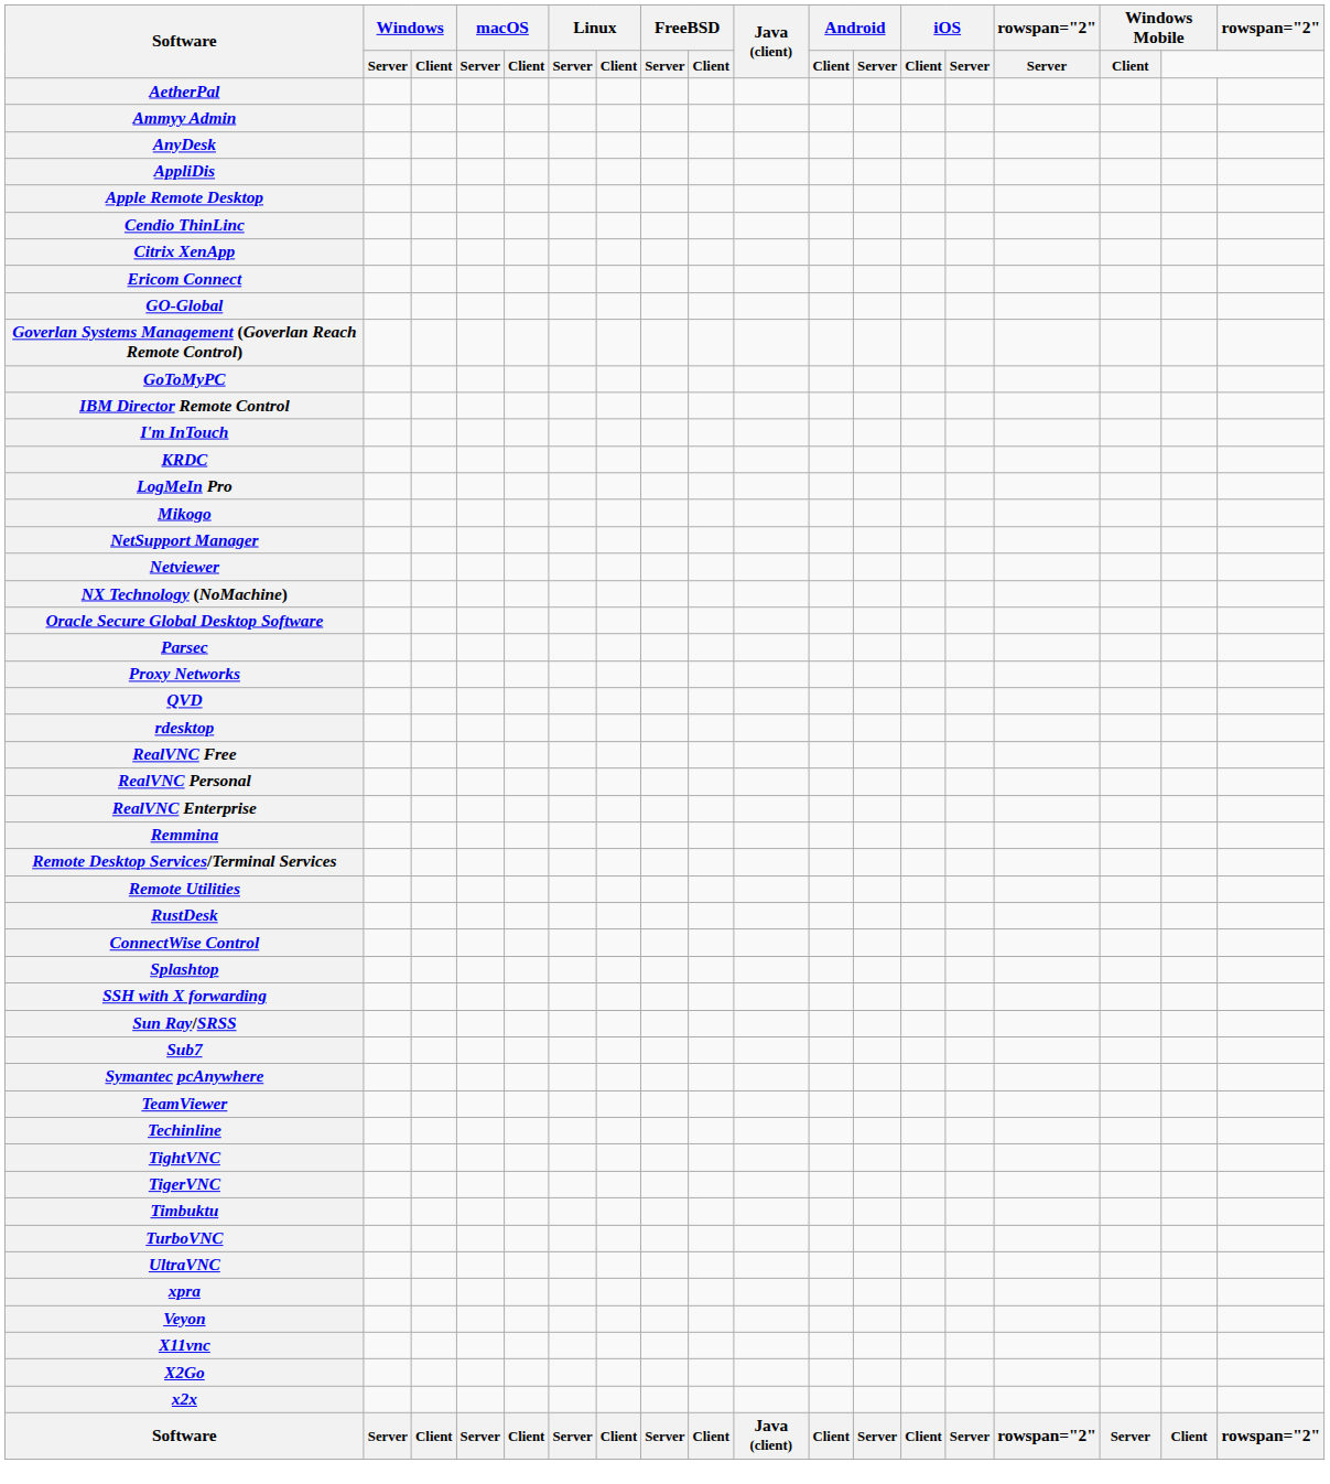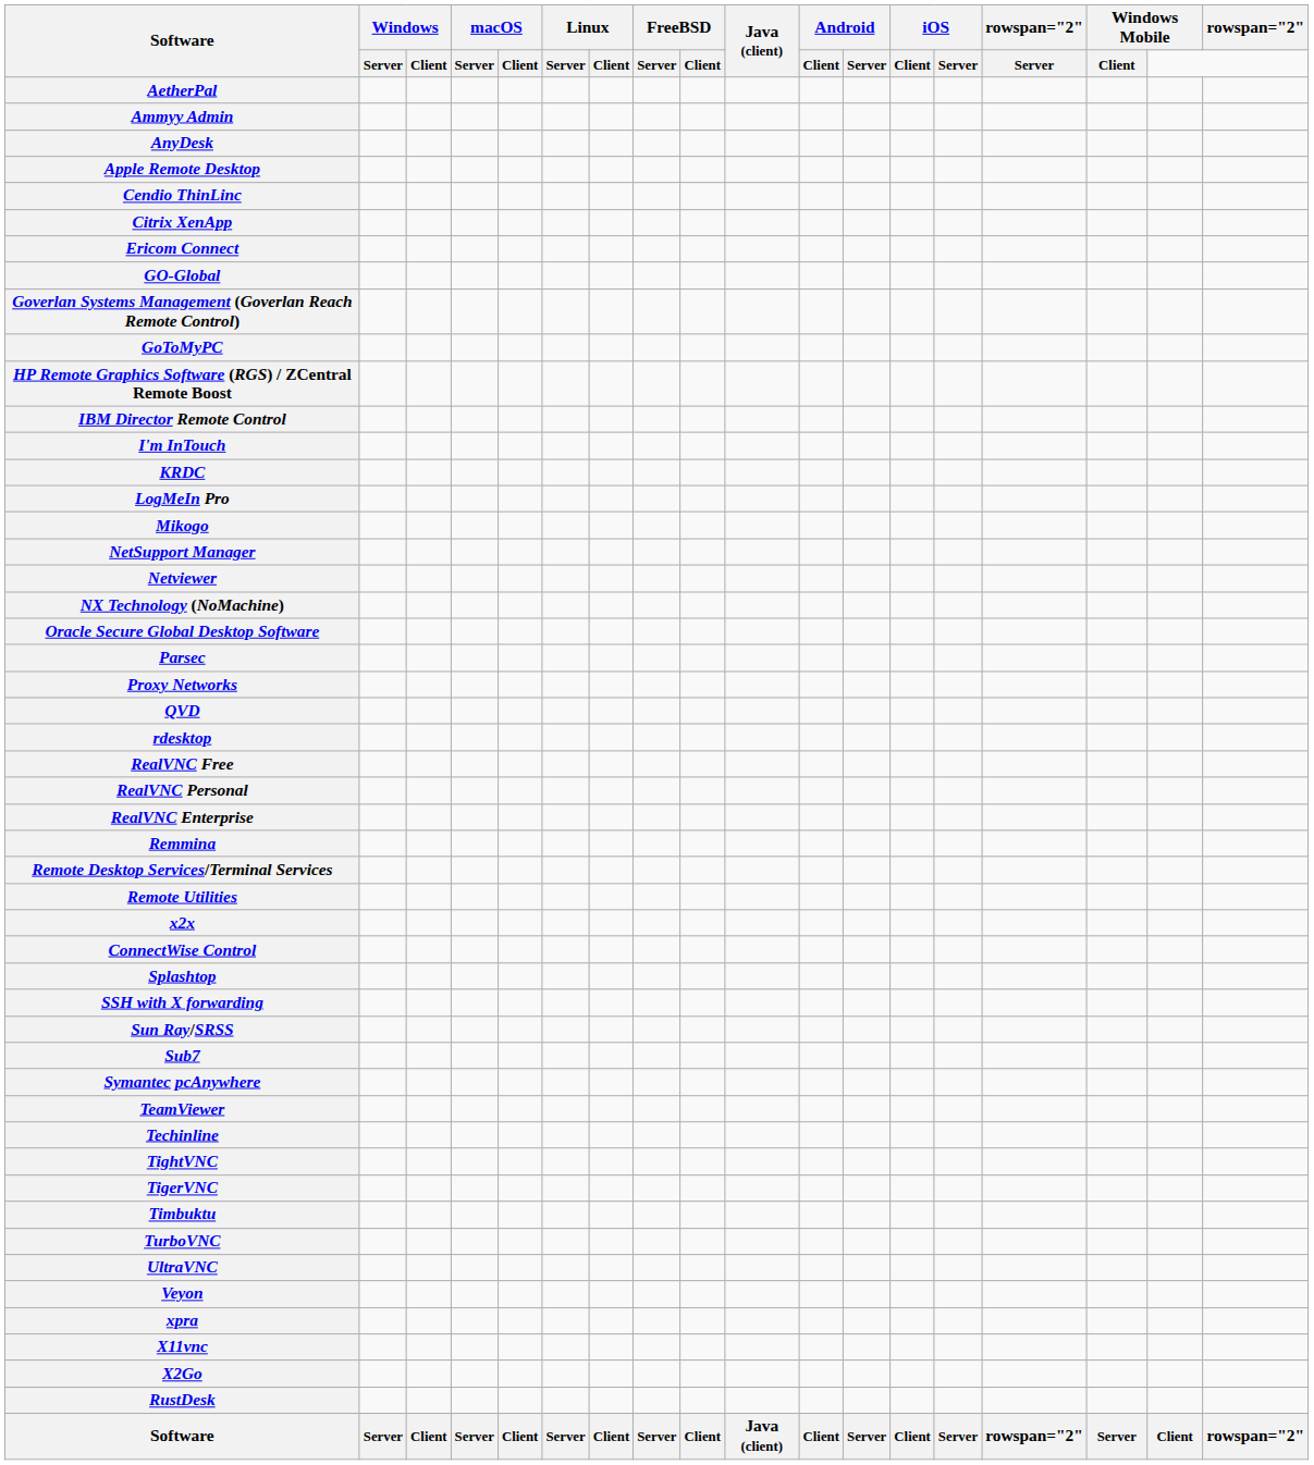 <table class="wikitable plainrowheaders sortable sort-under sticky-table-head sticky-table-col1" style="text-align: center;">
 <tr>
 <th rowspan="2">Software</th>
 <th colspan="2"><a href='#'>Windows</a></th>
 <th colspan="2"><a href='#'>macOS</a></th>
 <th colspan="2">Linux</th>
 <th colspan="2">FreeBSD</th>
 <th rowspan="2">Java <small>(client)</small></th>
 <th colspan="2"><a href='#'>Android</a></th>
 <th colspan="2"><a href='#'>iOS</a></th>
 <th>rowspan="2" </th>
 <th colspan="2">Windows Mobile</th>
 <th>rowspan="2" </th>
 </tr>
 <tr>
 <th><small>Server</small></th>
 <th><small>Client</small></th>
 <th><small>Server</small></th>
 <th><small>Client</small></th>
 <th><small>Server</small></th>
 <th><small>Client</small></th>
 <th><small>Server</small></th>
 <th><small>Client</small></th>
 <th><small>Client</small></th>
 <th><small>Server</small></th>
 <th><small>Client</small></th>
 <th><small>Server</small></th>
 <th><small>Server</small></th>
 <th><small>Client</small></th>
 </tr>
 <tr>
 <th scope="row"><em><a href='#'>AetherPal</a></em></th>
 <td></td>
 <td></td>
 <td></td>
 <td></td>
 <td></td>
 <td></td>
 <td></td>
 <td></td>
 <td></td>
 <td></td>
 <td></td>
 <td></td>
 <td></td>
 <td></td>
 <td></td>
 <td></td>
 <td></td>
 </tr>
 <tr>
 <th scope="row"><em><a href='#'>Ammyy Admin</a></em></th>
 <td></td>
 <td></td>
 <td></td>
 <td></td>
 <td></td>
 <td></td>
 <td></td>
 <td></td>
 <td></td>
 <td></td>
 <td></td>
 <td></td>
 <td></td>
 <td></td>
 <td></td>
 <td></td>
 <td></td>
 </tr>
 <tr>
 <th scope="row"><em><a href='#'>AnyDesk</a></em></th>
-<td></td>
-<td></td>
-<td></td>
-<td></td>
-<td></td>
-<td></td>
-<td></td>
-<td></td>
-<td></td>
-<td></td>
-<td></td>
-<td></td>
-<td></td>
-<td></td>
-<td></td>
-<td></td>
-<td></td>
-</tr>
-<tr>
-<th scope="row"><em><a href='#'>AppliDis</a></em></th>
 <td></td>
 <td></td>
 <td></td>
 <td></td>
 <td></td>
 <td></td>
 <td></td>
 <td></td>
 <td></td>
 <td></td>
 <td></td>
 <td></td>
 <td></td>
 <td></td>
 <td></td>
 <td></td>
 <td></td>
 </tr>
 <tr>
 <th scope="row"><em><a href='#'>Apple Remote Desktop</a></em></th>
 <td></td>
 <td></td>
 <td></td>
 <td></td>
 <td></td>
 <td></td>
 <td></td>
 <td></td>
 <td></td>
 <td></td>
 <td></td>
 <td></td>
 <td></td>
 <td></td>
 <td></td>
 <td></td>
 <td></td>
 </tr>
 <tr>
 <th scope="row"><em><a href='#'>Cendio ThinLinc</a></em></th>
 <td></td>
 <td></td>
 <td></td>
 <td></td>
 <td></td>
 <td></td>
 <td></td>
 <td></td>
 <td></td>
 <td></td>
 <td></td>
 <td></td>
 <td></td>
 <td></td>
 <td></td>
 <td></td>
 <td></td>
 </tr>
 <tr>
 <th scope="row"><em><a href='#'>Citrix XenApp</a></em></th>
 <td></td>
 <td></td>
 <td></td>
 <td></td>
 <td></td>
 <td></td>
 <td></td>
 <td></td>
 <td></td>
 <td></td>
 <td></td>
 <td></td>
 <td></td>
 <td></td>
 <td></td>
 <td></td>
 <td></td>
 </tr>
 <tr>
 <th scope="row"><em><a href='#'>Ericom Connect</a></em></th>
 <td></td>
 <td></td>
 <td></td>
 <td></td>
 <td></td>
 <td></td>
 <td></td>
 <td></td>
 <td></td>
 <td></td>
 <td></td>
 <td></td>
 <td></td>
 <td></td>
 <td></td>
 <td></td>
 <td></td>
 </tr>
 <tr>
 <th scope="row"><em><a href='#'>GO-Global</a></em></th>
 <td></td>
 <td></td>
 <td></td>
 <td></td>
 <td></td>
 <td></td>
 <td></td>
 <td></td>
 <td></td>
 <td></td>
 <td></td>
 <td></td>
 <td></td>
 <td></td>
 <td></td>
 <td></td>
 <td></td>
 </tr>
 <tr>
 <th scope="row"><em><a href='#'>Goverlan Systems Management</a></em> (<em>Goverlan Reach Remote Control</em>)</th>
 <td></td>
 <td></td>
 <td></td>
 <td></td>
 <td></td>
 <td></td>
 <td></td>
 <td></td>
 <td></td>
 <td></td>
 <td></td>
 <td></td>
 <td></td>
 <td></td>
 <td></td>
 <td></td>
 <td></td>
 </tr>
 <tr>
 <th scope="row"><em><a href='#'>GoToMyPC</a></em></th>
+<td></td>
+<td></td>
+<td></td>
+<td></td>
+<td></td>
+<td></td>
+<td></td>
+<td></td>
+<td></td>
+<td></td>
+<td></td>
+<td></td>
+<td></td>
+<td></td>
+<td></td>
+<td></td>
+<td></td>
+</tr>
+<tr>
+<th scope="row"><em><a href='#'>HP Remote Graphics Software</a></em> (<em>RGS</em>) / ZCentral Remote Boost</th>
 <td></td>
 <td></td>
 <td></td>
 <td></td>
 <td></td>
 <td></td>
 <td></td>
 <td></td>
 <td></td>
 <td></td>
 <td></td>
 <td></td>
 <td></td>
 <td></td>
 <td></td>
 <td></td>
 <td></td>
 </tr>
 <tr>
 <th scope="row"><em><a href='#'>IBM Director</a> Remote Control</em></th>
 <td></td>
 <td></td>
 <td></td>
 <td></td>
 <td></td>
 <td></td>
 <td></td>
 <td></td>
 <td></td>
 <td></td>
 <td></td>
 <td></td>
 <td></td>
 <td></td>
 <td></td>
 <td></td>
 <td></td>
 </tr>
 <tr>
 <th scope="row"><em><a href='#'>I'm InTouch</a></em></th>
 <td></td>
 <td></td>
 <td></td>
 <td></td>
 <td></td>
 <td></td>
 <td></td>
 <td></td>
 <td></td>
 <td></td>
 <td></td>
 <td></td>
 <td></td>
 <td></td>
 <td></td>
 <td></td>
 <td></td>
 </tr>
 <tr>
 <th scope="row"><em><a href='#'>KRDC</a></em></th>
 <td></td>
 <td></td>
 <td></td>
 <td></td>
 <td></td>
 <td></td>
 <td></td>
 <td></td>
 <td></td>
 <td></td>
 <td></td>
 <td></td>
 <td></td>
 <td></td>
 <td></td>
 <td></td>
 <td></td>
 </tr>
 <tr>
 <th scope="row"><em><a href='#'>LogMeIn</a> Pro</em></th>
 <td></td>
 <td></td>
 <td></td>
 <td></td>
 <td></td>
 <td></td>
 <td></td>
 <td></td>
 <td></td>
 <td></td>
 <td></td>
 <td></td>
 <td></td>
 <td></td>
 <td></td>
 <td></td>
 <td></td>
 </tr>
 <tr>
 <th scope="row"><em><a href='#'>Mikogo</a></em></th>
 <td></td>
 <td></td>
 <td></td>
 <td></td>
 <td></td>
 <td></td>
 <td></td>
 <td></td>
 <td></td>
 <td></td>
 <td></td>
 <td></td>
 <td></td>
 <td></td>
 <td></td>
 <td></td>
 <td></td>
 </tr>
 <tr>
 <th scope="row"><em><a href='#'>NetSupport Manager</a></em></th>
 <td></td>
 <td></td>
 <td></td>
 <td></td>
 <td></td>
 <td></td>
 <td></td>
 <td></td>
 <td></td>
 <td></td>
 <td></td>
 <td></td>
 <td></td>
 <td></td>
 <td></td>
 <td></td>
 <td></td>
 </tr>
 <tr>
 <th scope="row"><em><a href='#'>Netviewer</a></em></th>
 <td></td>
 <td></td>
 <td></td>
 <td></td>
 <td></td>
 <td></td>
 <td></td>
 <td></td>
 <td></td>
 <td></td>
 <td></td>
 <td></td>
 <td></td>
 <td></td>
 <td></td>
 <td></td>
 <td></td>
 </tr>
 <tr>
 <th scope="row"><em><a href='#'>NX Technology</a></em> (<em>NoMachine</em>)</th>
 <td></td>
 <td></td>
 <td></td>
 <td></td>
 <td></td>
 <td></td>
 <td></td>
 <td></td>
 <td></td>
 <td></td>
 <td></td>
 <td></td>
 <td></td>
 <td></td>
 <td></td>
 <td></td>
 <td></td>
 </tr>
 <tr>
 <th scope="row"><em><a href='#'>Oracle Secure Global Desktop Software</a></em></th>
 <td></td>
 <td></td>
 <td></td>
 <td></td>
 <td></td>
 <td></td>
 <td></td>
 <td></td>
 <td></td>
 <td></td>
 <td></td>
 <td></td>
 <td></td>
 <td></td>
 <td></td>
 <td></td>
 <td></td>
 </tr>
 <tr>
 <th scope="row"><em><a href='#'>Parsec</a></em></th>
 <td></td>
 <td></td>
 <td></td>
 <td></td>
 <td></td>
 <td></td>
 <td></td>
 <td></td>
 <td></td>
 <td></td>
 <td></td>
 <td></td>
 <td></td>
 <td></td>
 <td></td>
 <td></td>
 <td></td>
 </tr>
 <tr>
 <th scope="row"><em><a href='#'>Proxy Networks</a></em></th>
 <td></td>
 <td></td>
 <td></td>
 <td></td>
 <td></td>
 <td></td>
 <td></td>
 <td></td>
 <td></td>
 <td></td>
 <td></td>
 <td></td>
 <td></td>
 <td></td>
 <td></td>
 <td></td>
 <td></td>
 </tr>
 <tr>
 <th scope="row"><em><a href='#'>QVD</a></em></th>
 <td></td>
 <td></td>
 <td></td>
 <td></td>
 <td></td>
 <td></td>
 <td></td>
 <td></td>
 <td></td>
 <td></td>
 <td></td>
 <td></td>
 <td></td>
 <td></td>
 <td></td>
 <td></td>
 <td></td>
 </tr>
 <tr>
 <th scope="row"><em><a href='#'>rdesktop</a></em></th>
 <td></td>
 <td></td>
 <td></td>
 <td></td>
 <td></td>
 <td></td>
 <td></td>
 <td></td>
 <td></td>
 <td></td>
 <td></td>
 <td></td>
 <td></td>
 <td></td>
 <td></td>
 <td></td>
 <td></td>
 </tr>
 <tr>
 <th scope="row"><em><a href='#'>RealVNC</a> Free</em></th>
 <td></td>
 <td></td>
 <td></td>
 <td></td>
 <td></td>
 <td></td>
 <td></td>
 <td></td>
 <td></td>
 <td></td>
 <td></td>
 <td></td>
 <td></td>
 <td></td>
 <td></td>
 <td></td>
 <td></td>
 </tr>
 <tr>
 <th scope="row"><em><a href='#'>RealVNC</a> Personal</em></th>
 <td></td>
 <td></td>
 <td></td>
 <td></td>
 <td></td>
 <td></td>
 <td></td>
 <td></td>
 <td></td>
 <td></td>
 <td></td>
 <td></td>
 <td></td>
 <td></td>
 <td></td>
 <td></td>
 <td></td>
 </tr>
 <tr>
 <th scope="row"><em><a href='#'>RealVNC</a> Enterprise</em></th>
 <td></td>
 <td></td>
 <td></td>
 <td></td>
 <td></td>
 <td></td>
 <td></td>
 <td></td>
 <td></td>
 <td></td>
 <td></td>
 <td></td>
 <td></td>
 <td></td>
 <td></td>
 <td></td>
 <td></td>
 </tr>
 <tr>
 <th scope="row"><em><a href='#'>Remmina</a></em></th>
 <td></td>
 <td></td>
 <td></td>
 <td></td>
 <td></td>
 <td></td>
 <td></td>
 <td></td>
 <td></td>
 <td></td>
 <td></td>
 <td></td>
 <td></td>
 <td></td>
 <td></td>
 <td></td>
 <td></td>
 </tr>
 <tr>
 <th scope="row"><em><a href='#'>Remote Desktop Services</a></em>/<em>Terminal Services</em></th>
 <td></td>
 <td></td>
 <td></td>
 <td></td>
 <td></td>
 <td></td>
 <td></td>
 <td></td>
 <td></td>
 <td></td>
 <td></td>
 <td></td>
 <td></td>
 <td></td>
 <td></td>
 <td></td>
 <td></td>
 </tr>
 <tr>
 <th scope="row"><em><a href='#'>Remote Utilities</a></em></th>
 <td></td>
 <td></td>
 <td></td>
 <td></td>
 <td></td>
 <td></td>
 <td></td>
 <td></td>
 <td></td>
 <td></td>
 <td></td>
 <td></td>
 <td></td>
 <td></td>
 <td></td>
 <td></td>
 <td></td>
 </tr>
 <tr>
-<th scope="row"><em><a href='#'>RustDesk</a></em></th>
+<th scope="row"><em><a href='#'>x2x</a></em></th>
 <td></td>
 <td></td>
 <td></td>
 <td></td>
 <td></td>
 <td></td>
 <td></td>
 <td></td>
 <td></td>
 <td></td>
 <td></td>
 <td></td>
 <td></td>
 <td></td>
 <td></td>
 <td></td>
 <td></td>
 </tr>
 <tr>
 <th scope="row"><em><a href='#'>ConnectWise Control</a></em></th>
 <td></td>
 <td></td>
 <td></td>
 <td></td>
 <td></td>
 <td></td>
 <td></td>
 <td></td>
 <td></td>
 <td></td>
 <td></td>
 <td></td>
 <td></td>
 <td></td>
 <td></td>
 <td></td>
 <td></td>
 </tr>
 <tr>
 <th scope="row"><em><a href='#'>Splashtop</a></em></th>
 <td></td>
 <td></td>
 <td></td>
 <td></td>
 <td></td>
 <td></td>
 <td></td>
 <td></td>
 <td></td>
 <td></td>
 <td></td>
 <td></td>
 <td></td>
 <td></td>
 <td></td>
 <td></td>
 <td></td>
 </tr>
 <tr>
 <th scope="row"><em><a href='#'>SSH with X forwarding</a></em></th>
 <td></td>
 <td></td>
 <td></td>
 <td></td>
 <td></td>
 <td></td>
 <td></td>
 <td></td>
 <td></td>
 <td></td>
 <td></td>
 <td></td>
 <td></td>
 <td></td>
 <td></td>
 <td></td>
 <td></td>
 </tr>
 <tr>
 <th scope="row"><em><a href='#'>Sun Ray</a></em>/<em><a href='#'>SRSS</a></em></th>
 <td></td>
 <td></td>
 <td></td>
 <td></td>
 <td></td>
 <td></td>
 <td></td>
 <td></td>
 <td></td>
 <td></td>
 <td></td>
 <td></td>
 <td></td>
 <td></td>
 <td></td>
 <td></td>
 <td></td>
 </tr>
 <tr>
 <th scope="row"><em><a href='#'>Sub7</a></em></th>
 <td></td>
 <td></td>
 <td></td>
 <td></td>
 <td></td>
 <td></td>
 <td></td>
 <td></td>
 <td></td>
 <td></td>
 <td></td>
 <td></td>
 <td></td>
 <td></td>
 <td></td>
 <td></td>
 <td></td>
 </tr>
 <tr>
 <th scope="row"><em><a href='#'>Symantec</a> <a href='#'>pcAnywhere</a></em></th>
 <td></td>
 <td></td>
 <td></td>
 <td></td>
 <td></td>
 <td></td>
 <td></td>
 <td></td>
 <td></td>
 <td></td>
 <td></td>
 <td></td>
 <td></td>
 <td></td>
 <td></td>
 <td></td>
 <td></td>
 </tr>
 <tr>
 <th scope="row"><em><a href='#'>TeamViewer</a></em></th>
 <td></td>
 <td></td>
 <td></td>
 <td></td>
 <td></td>
 <td></td>
 <td></td>
 <td></td>
 <td></td>
 <td></td>
 <td></td>
 <td></td>
 <td></td>
 <td></td>
 <td></td>
 <td></td>
 <td></td>
 </tr>
 <tr>
 <th scope="row"><em><a href='#'>Techinline</a></em></th>
 <td></td>
 <td></td>
 <td></td>
 <td></td>
 <td></td>
 <td></td>
 <td></td>
 <td></td>
 <td></td>
 <td></td>
 <td></td>
 <td></td>
 <td></td>
 <td></td>
 <td></td>
 <td></td>
 <td></td>
 </tr>
 <tr>
 <th scope="row"><em><a href='#'>TightVNC</a></em></th>
 <td></td>
 <td></td>
 <td></td>
 <td></td>
 <td></td>
 <td></td>
 <td></td>
 <td></td>
 <td></td>
 <td></td>
 <td></td>
 <td></td>
 <td></td>
 <td></td>
 <td></td>
 <td></td>
 <td></td>
 </tr>
 <tr>
 <th scope="row"><em><a href='#'>TigerVNC</a></em></th>
 <td></td>
 <td></td>
 <td></td>
 <td></td>
 <td></td>
 <td></td>
 <td></td>
 <td></td>
 <td></td>
 <td></td>
 <td></td>
 <td></td>
 <td></td>
 <td></td>
 <td></td>
 <td></td>
 <td></td>
 </tr>
 <tr>
 <th scope="row"><em><a href='#'>Timbuktu</a></em></th>
 <td></td>
 <td></td>
 <td></td>
 <td></td>
 <td></td>
 <td></td>
 <td></td>
 <td></td>
 <td></td>
 <td></td>
 <td></td>
 <td></td>
 <td></td>
 <td></td>
 <td></td>
 <td></td>
 <td></td>
 </tr>
 <tr>
 <th scope="row"><em><a href='#'>TurboVNC</a></em></th>
 <td></td>
 <td></td>
 <td></td>
 <td></td>
 <td></td>
 <td></td>
 <td></td>
 <td></td>
 <td></td>
 <td></td>
 <td></td>
 <td></td>
 <td></td>
 <td></td>
 <td></td>
 <td></td>
 <td></td>
 </tr>
 <tr>
 <th scope="row"><em><a href='#'>UltraVNC</a></em></th>
 <td></td>
 <td></td>
 <td></td>
 <td></td>
 <td></td>
 <td></td>
 <td></td>
 <td></td>
 <td></td>
 <td></td>
 <td></td>
 <td></td>
 <td></td>
 <td></td>
 <td></td>
 <td></td>
 <td></td>
 </tr>
 <tr>
-<th scope="row"><em><a href='#'>xpra</a></em></th>
+<th scope="row"><em><a href='#'>Veyon</a></em></th>
 <td></td>
 <td></td>
 <td></td>
 <td></td>
 <td></td>
 <td></td>
 <td></td>
 <td></td>
 <td></td>
 <td></td>
 <td></td>
 <td></td>
 <td></td>
 <td></td>
 <td></td>
 <td></td>
 <td></td>
 </tr>
 <tr>
-<th scope="row"><em><a href='#'>Veyon</a></em></th>
+<th scope="row"><em><a href='#'>xpra</a></em></th>
 <td></td>
 <td></td>
 <td></td>
 <td></td>
 <td></td>
 <td></td>
 <td></td>
 <td></td>
 <td></td>
 <td></td>
 <td></td>
 <td></td>
 <td></td>
 <td></td>
 <td></td>
 <td></td>
 <td></td>
 </tr>
 <tr>
 <th scope="row"><em><a href='#'>X11vnc</a></em></th>
 <td></td>
 <td></td>
 <td></td>
 <td></td>
 <td></td>
 <td></td>
 <td></td>
 <td></td>
 <td></td>
 <td></td>
 <td></td>
 <td></td>
 <td></td>
 <td></td>
 <td></td>
 <td></td>
 <td></td>
 </tr>
 <tr>
 <th scope="row"><em><a href='#'>X2Go</a></em></th>
 <td></td>
 <td></td>
 <td></td>
 <td></td>
 <td></td>
 <td></td>
 <td></td>
 <td></td>
 <td></td>
 <td></td>
 <td></td>
 <td></td>
 <td></td>
 <td></td>
 <td></td>
 <td></td>
 <td></td>
 </tr>
 <tr>
-<th scope="row"><em><a href='#'>x2x</a></em></th>
+<th scope="row"><em><a href='#'>RustDesk</a></em></th>
 <td></td>
 <td></td>
 <td></td>
 <td></td>
 <td></td>
 <td></td>
 <td></td>
 <td></td>
 <td></td>
 <td></td>
 <td></td>
 <td></td>
 <td></td>
 <td></td>
 <td></td>
 <td></td>
 <td></td>
 </tr>
 <tr class="sortbottom">
 <th rowspan="2">Software</th>
 <th><small>Server</small></th>
 <th><small>Client</small></th>
 <th><small>Server</small></th>
 <th><small>Client</small></th>
 <th><small>Server</small></th>
 <th><small>Client</small></th>
 <th><small>Server</small></th>
 <th><small>Client</small></th>
 <th rowspan="2">Java <small>(client)</small></th>
 <th><small>Client</small></th>
 <th><small>Server</small></th>
 <th><small>Client</small></th>
 <th><small>Server</small></th>
 <th>rowspan="2" </th>
 <th><small>Server</small></th>
 <th><small>Client</small></th>
 <th>rowspan="2" </th>
 </tr>
 </table>
